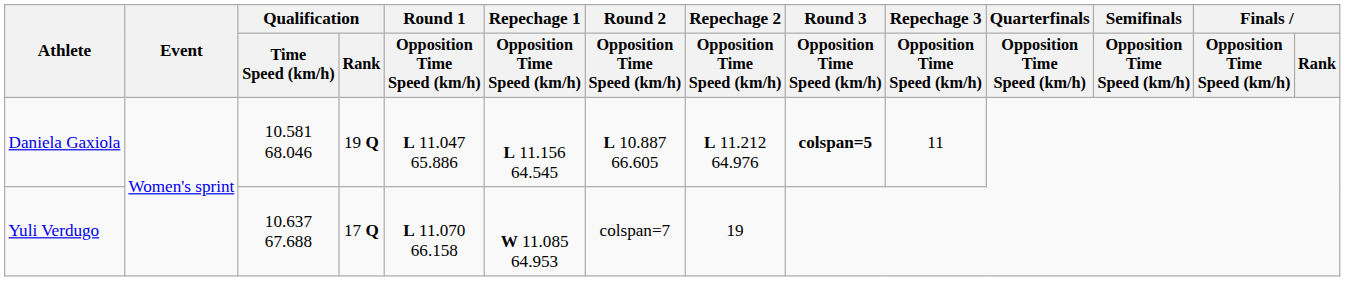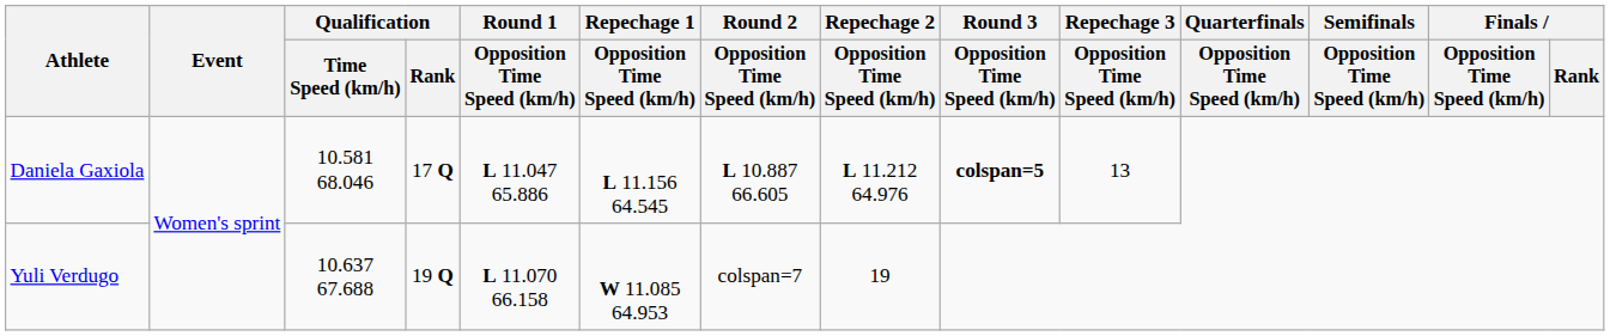 <table class=wikitable style=font-size:90%;text-align:center>
 <tr>
 <th rowspan=2>Athlete</th>
 <th rowspan=2>Event</th>
 <th colspan=2>Qualification</th>
 <th>Round 1</th>
 <th>Repechage 1</th>
 <th>Round 2</th>
 <th>Repechage 2</th>
 <th>Round 3</th>
 <th>Repechage 3</th>
 <th>Quarterfinals</th>
 <th>Semifinals</th>
 <th colspan=2>Finals / </th>
 </tr>
 <tr style=font-size:95%>
 <th>Time<br>Speed (km/h)</th>
 <th>Rank</th>
 <th>Opposition<br>Time<br>Speed (km/h)</th>
 <th>Opposition<br>Time<br>Speed (km/h)</th>
 <th>Opposition<br>Time<br>Speed (km/h)</th>
 <th>Opposition<br>Time<br>Speed (km/h)</th>
 <th>Opposition<br>Time<br>Speed (km/h)</th>
 <th>Opposition<br>Time<br>Speed (km/h)</th>
 <th>Opposition<br>Time<br>Speed (km/h)</th>
 <th>Opposition<br>Time<br>Speed (km/h)</th>
 <th>Opposition<br>Time<br>Speed (km/h)</th>
 <th>Rank</th>
 </tr>
 <tr>
 <td align=left><a href='#'>Daniela Gaxiola</a></td>
 <td align=left rowspan=2><a href='#'>Women's sprint</a></td>
 <td>10.581<br>68.046</td>
-<td>19 <strong>Q</strong></td>
+<td>17 <strong>Q</strong></td>
 <td><br><strong>L</strong> 11.047<br>65.886</td>
 <td><br><br><strong>L</strong> 11.156<br>64.545</td>
 <td><br><strong>L</strong> 10.887<br>66.605</td>
 <td><br><strong>L</strong> 11.212<br>64.976</td>
 <td><strong>colspan=5</strong></td>
-<td>11</td>
+<td>13</td>
 </tr>
 <tr>
 <td align=left><a href='#'>Yuli Verdugo</a></td>
 <td>10.637<br>67.688</td>
-<td>17 <strong>Q</strong></td>
+<td>19 <strong>Q</strong></td>
 <td><br><strong>L</strong> 11.070<br>66.158</td>
 <td><br><br><strong>W</strong> 11.085<br>64.953</td>
 <td>colspan=7</td>
 <td>19</td>
 </tr>
 </table>
